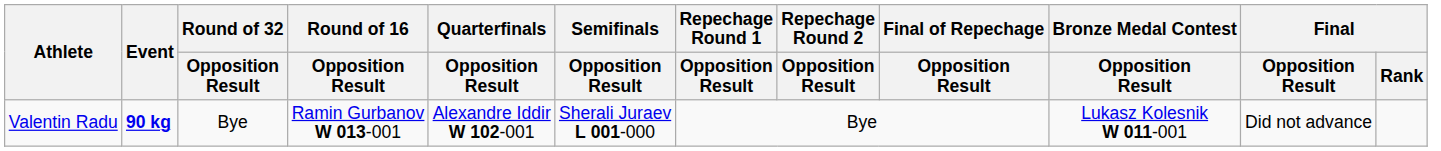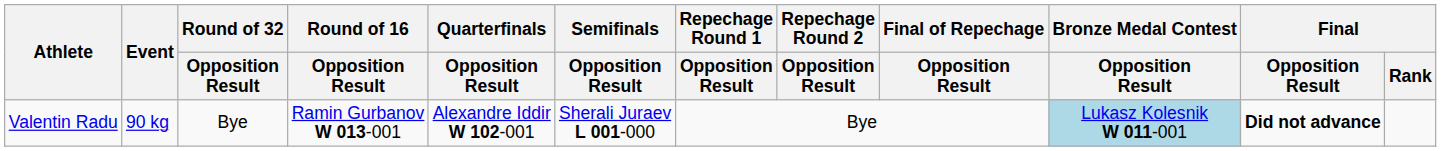 <table class="wikitable" style="font-size:90%">
 <tr>
 <th rowspan="2">Athlete</th>
 <th rowspan="2">Event</th>
 <th colspan="1">Round of 32</th>
 <th colspan="1">Round of 16</th>
 <th colspan="1">Quarterfinals</th>
 <th colspan="1">Semifinals</th>
 <th colspan="1">Repechage<br>Round 1</th>
 <th colspan="1">Repechage<br>Round 2</th>
 <th colspan="1">Final of Repechage</th>
 <th colspan="1">Bronze Medal Contest</th>
 <th colspan="2">Final</th>
 </tr>
 <tr>
 <th>Opposition<br>Result</th>
 <th>Opposition<br>Result</th>
 <th>Opposition<br>Result</th>
 <th>Opposition<br>Result</th>
 <th>Opposition<br>Result</th>
 <th>Opposition<br>Result</th>
 <th>Opposition<br>Result</th>
 <th>Opposition<br>Result</th>
 <th>Opposition<br>Result</th>
 <th>Rank</th>
 </tr>
 <tr>
 <td><a href='#'>Valentin Radu</a></td>
-<td><strong><a href='#'>90 kg</a></strong></td>
+<td><a href='#'>90 kg</a></td>
 <td align=center>Bye</td>
 <td align=center> <a href='#'>Ramin Gurbanov</a> <br><strong>W</strong> <strong>013</strong>-001</td>
 <td align=center> <a href='#'>Alexandre Iddir</a> <br><strong>W</strong> <strong>102</strong>-001</td>
 <td align=center> <a href='#'>Sherali Juraev</a> <br><strong>L</strong> <strong>001</strong>-000</td>
 <td colspan="3" align=center>Bye</td>
-<td align=center> <a href='#'>Lukasz Kolesnik</a> <br><strong>W</strong> <strong>011</strong>-001</td>
-<td align=center>Did not advance</td>
+<td align=center style="background: lightblue;"> <a href='#'>Lukasz Kolesnik</a> <br><strong>W</strong> <strong>011</strong>-001</td>
+<td align=center><strong>Did not advance</strong></td>
 <td align=center></td>
 </tr>
 </table>
